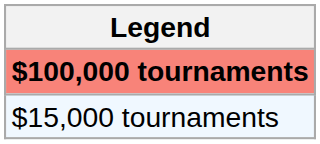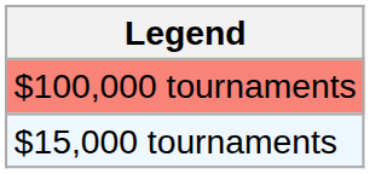 <table class=wikitable style="font-size:85%;">
 <tr>
 <th>Legend</th>
 </tr>
 <tr style="background:#f88379;">
-<td><strong>$100,000 tournaments</strong></td>
+<td>$100,000 tournaments</td>
 </tr>
 <tr style="background:#f0f8ff;">
 <td>$15,000 tournaments</td>
 </tr>
 </table>
